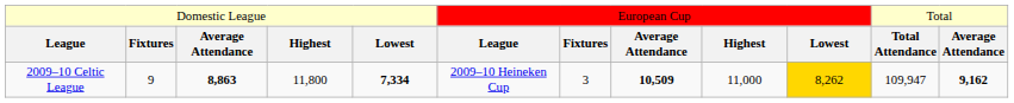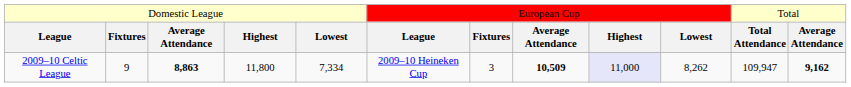 <table class="wikitable sortable" style="font-size:90%; width:90%;">
 <tr>
 <td colspan="5" class="wikitable sortable" style="width:45%; background:#ffffcc; text-align:center;"><span>Domestic League</span></td>
 <td colspan="5" class="wikitable sortable" style="width:45%; background:#f00; text-align:center;"><span>European Cup</span></td>
 <td colspan="2" class="wikitable sortable" style="width:45%; background:#ffffcc; text-align:center;"><span>Total</span></td>
 </tr>
 <tr>
 <th style="width:15%;">League</th>
 <th style="width:5%;">Fixtures</th>
 <th style="width:10%;">Average Attendance</th>
 <th style="width:10%;">Highest</th>
 <th style="width:10%;">Lowest</th>
 <th style="width:15%;">League</th>
 <th style="width:5%;">Fixtures</th>
 <th style="width:10%;">Average Attendance</th>
 <th style="width:10%;">Highest</th>
 <th style="width:10%;">Lowest</th>
 <th style="width:10%;">Total Attendance</th>
 <th style="width:10%;">Average Attendance</th>
 </tr>
 <tr>
 <td align=center><a href='#'>2009–10 Celtic League</a></td>
 <td align=center>9</td>
 <td align=center><strong>8,863</strong></td>
 <td align=center>11,800</td>
-<td align=center><strong>7,334</strong></td>
+<td align=center>7,334</td>
 <td align=center><a href='#'>2009–10 Heineken Cup</a></td>
 <td align=center>3</td>
 <td align=center><strong>10,509</strong></td>
-<td align=center>11,000</td>
-<td align=center style="background: gold;">8,262</td>
+<td align=center style="background: lavender;">11,000</td>
+<td align=center>8,262</td>
 <td align=center>109,947</td>
 <td align=center><strong>9,162</strong></td>
 </tr>
 </table>
